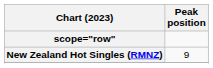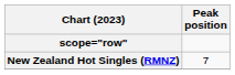 <table class="wikitable sortable plainrowheaders" style="text-align:center">
 <tr>
 <th scope="col">Chart (2023)</th>
 <th scope="col">Peak<br>position</th>
 </tr>
 <tr>
 <th>scope="row"</th>
 </tr>
 <tr>
 <th scope="row">New Zealand Hot Singles (<a href='#'>RMNZ</a>)</th>
-<td>9</td>
+<td>7</td>
 </tr>
 <tr>
 </tr>
 <tr>
 </tr>
 <tr>
 </tr>
 <tr>
 </tr>
 </table>
